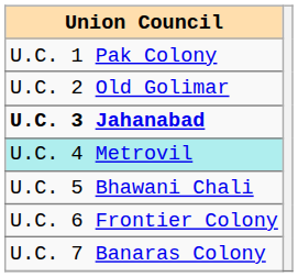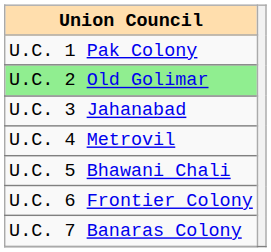 <table class="sortable wikitable" align="left">
 <tr>
 <th style="background:#ffdead;"><strong>Union Council</strong></th>
 <th rowspan=10 style="border-bottom:1px solid grey;" valign="top" class="unsortable"><br><br></th>
 </tr>
 <tr>
 <td style="border-bottom:1px solid grey;">U.C. 1 <a href='#'>Pak Colony</a></td>
 </tr>
 <tr>
-<td style="border-bottom:1px solid grey;">U.C. 2 <a href='#'>Old Golimar</a></td>
+<td style="background: lightgreen; border-bottom:1px solid grey;">U.C. 2 <a href='#'>Old Golimar</a></td>
 </tr>
 <tr>
-<td style="border-bottom:1px solid grey;"><strong>U.C. 3 <a href='#'>Jahanabad</a></strong></td>
+<td style="border-bottom:1px solid grey;">U.C. 3 <a href='#'>Jahanabad</a></td>
 </tr>
 <tr>
-<td style="background: paleturquoise; border-bottom:1px solid grey;">U.C. 4 <a href='#'>Metrovil</a></td>
+<td style="border-bottom:1px solid grey;">U.C. 4 <a href='#'>Metrovil</a></td>
 </tr>
 <tr>
 <td style="border-bottom:1px solid grey;">U.C. 5 <a href='#'>Bhawani Chali</a></td>
 </tr>
 <tr>
 <td style="border-bottom:1px solid grey;">U.C. 6 <a href='#'>Frontier Colony</a></td>
 </tr>
 <tr>
 <td style="border-bottom:1px solid grey;">U.C. 7 <a href='#'>Banaras Colony</a></td>
 </tr>
 <tr>
 </tr>
 </table>
